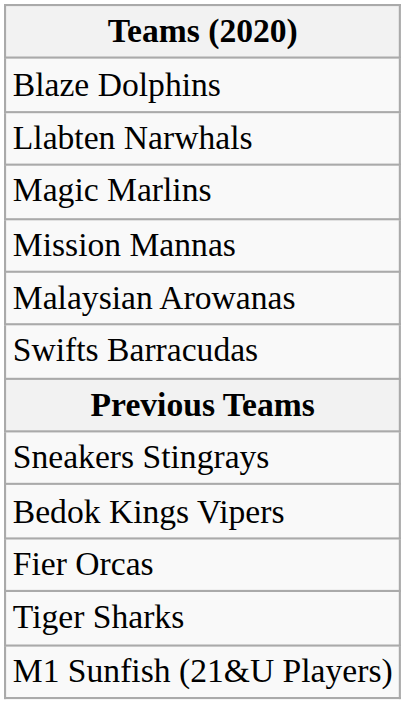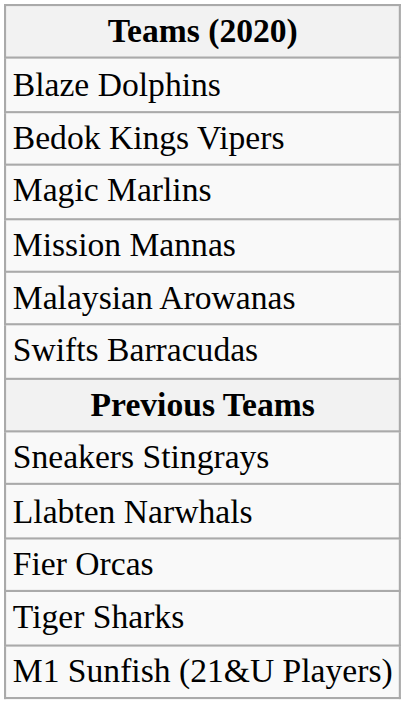 <table class="wikitable">
 <tr>
 <th>Teams (2020)</th>
 </tr>
 <tr>
 <td>Blaze Dolphins</td>
 </tr>
 <tr>
-<td>Llabten Narwhals</td>
+<td>Bedok Kings Vipers</td>
 </tr>
 <tr>
 <td>Magic Marlins</td>
 </tr>
 <tr>
 <td>Mission Mannas</td>
 </tr>
 <tr>
 <td>Malaysian Arowanas</td>
 </tr>
 <tr>
 <td>Swifts Barracudas</td>
 </tr>
 <tr>
 <th>Previous Teams</th>
 </tr>
 <tr>
 <td>Sneakers Stingrays</td>
 </tr>
 <tr>
-<td>Bedok Kings Vipers</td>
+<td>Llabten Narwhals</td>
 </tr>
 <tr>
 <td>Fier Orcas</td>
 </tr>
 <tr>
 <td>Tiger Sharks</td>
 </tr>
 <tr>
 <td>M1 Sunfish (21&U Players)</td>
 </tr>
 </table>
